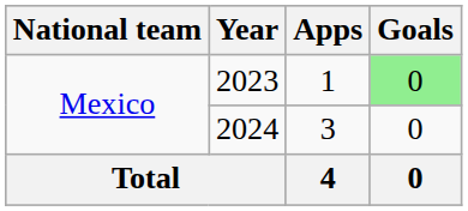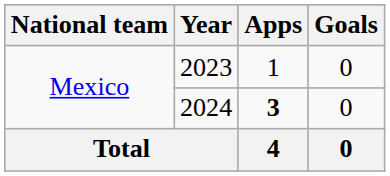 <table class="wikitable" style="text-align:center">
 <tr>
 <th>National team</th>
 <th>Year</th>
 <th>Apps</th>
 <th>Goals</th>
 </tr>
 <tr>
 <td rowspan="2"><a href='#'>Mexico</a></td>
 <td>2023</td>
 <td>1</td>
-<td style="background: lightgreen;">0</td>
+<td>0</td>
 </tr>
 <tr>
 <td>2024</td>
-<td>3</td>
+<td><strong>3</strong></td>
 <td>0</td>
 </tr>
 <tr>
 <th colspan="2">Total</th>
 <th>4</th>
 <th>0</th>
 </tr>
 </table>
